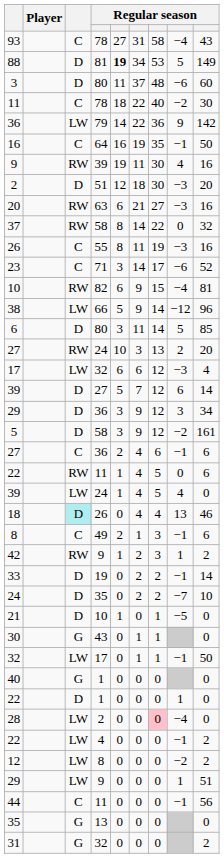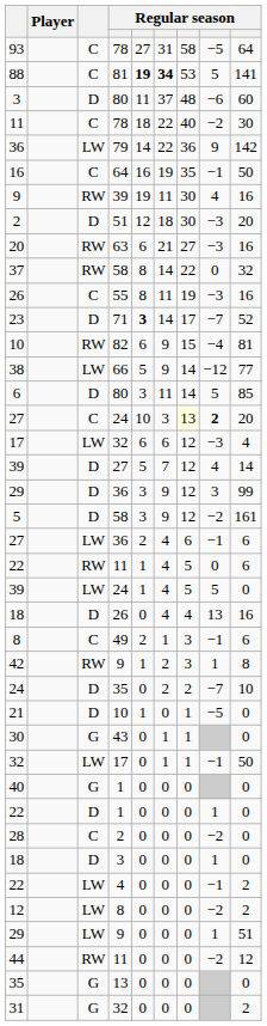 <table class="wikitable sortable plainrowheaders" style="text-align:center;">
 <tr>
 <th scope="col" data-sort-type="number" rowspan="2"></th>
 <th scope="col" rowspan="2">Player</th>
 <th scope="col" rowspan="2"></th>
 <th scope=colgroup colspan=6>Regular season</th>
 </tr>
 <tr>
 <th scope="col" data-sort-type="number"></th>
 <th scope="col" data-sort-type="number"></th>
 <th scope="col" data-sort-type="number"></th>
 <th scope="col" data-sort-type="number"></th>
 <th scope="col" data-sort-type="number"></th>
 <th scope="col" data-sort-type="number"></th>
 </tr>
 <tr>
 <td scope="row">93</td>
 <td align="left"></td>
 <td>C</td>
 <td>78</td>
 <td>27</td>
 <td>31</td>
 <td>58</td>
-<td>−4</td>
-<td>43</td>
+<td>−5</td>
+<td>64</td>
 </tr>
 <tr>
 <td scope="row">88</td>
 <td align="left"></td>
-<td>D</td>
+<td>C</td>
 <td>81</td>
 <td><strong>19</strong></td>
-<td>34</td>
+<td><strong>34</strong></td>
 <td>53</td>
 <td>5</td>
-<td>149</td>
+<td>141</td>
 </tr>
 <tr>
 <td scope="row">3</td>
 <td align="left"></td>
 <td>D</td>
 <td>80</td>
 <td>11</td>
 <td>37</td>
 <td>48</td>
 <td>−6</td>
 <td>60</td>
 </tr>
 <tr>
 <td scope="row">11</td>
 <td align="left"></td>
 <td>C</td>
 <td>78</td>
 <td>18</td>
 <td>22</td>
 <td>40</td>
 <td>−2</td>
 <td>30</td>
 </tr>
 <tr>
 <td scope="row">36</td>
 <td align="left"></td>
 <td>LW</td>
 <td>79</td>
 <td>14</td>
 <td>22</td>
 <td>36</td>
 <td>9</td>
 <td>142</td>
 </tr>
 <tr>
 <td scope="row">16</td>
 <td align="left"></td>
 <td>C</td>
 <td>64</td>
 <td>16</td>
 <td>19</td>
 <td>35</td>
 <td>−1</td>
 <td>50</td>
 </tr>
 <tr>
 <td scope="row">9</td>
 <td align="left"></td>
 <td>RW</td>
 <td>39</td>
 <td>19</td>
 <td>11</td>
 <td>30</td>
 <td>4</td>
 <td>16</td>
 </tr>
 <tr>
 <td scope="row">2</td>
 <td align="left"></td>
 <td>D</td>
 <td>51</td>
 <td>12</td>
 <td>18</td>
 <td>30</td>
 <td>−3</td>
 <td>20</td>
 </tr>
 <tr>
 <td scope="row">20</td>
 <td align="left"></td>
 <td>RW</td>
 <td>63</td>
 <td>6</td>
 <td>21</td>
 <td>27</td>
 <td>−3</td>
 <td>16</td>
 </tr>
 <tr>
 <td scope="row">37</td>
 <td align="left"></td>
 <td>RW</td>
 <td>58</td>
 <td>8</td>
 <td>14</td>
 <td>22</td>
 <td>0</td>
 <td>32</td>
 </tr>
 <tr>
 <td scope="row">26</td>
 <td align="left"></td>
 <td>C</td>
 <td>55</td>
 <td>8</td>
 <td>11</td>
 <td>19</td>
 <td>−3</td>
 <td>16</td>
 </tr>
 <tr>
 <td scope="row">23</td>
 <td align="left"></td>
-<td>C</td>
+<td>D</td>
 <td>71</td>
-<td>3</td>
+<td><strong>3</strong></td>
 <td>14</td>
 <td>17</td>
-<td>−6</td>
+<td>−7</td>
 <td>52</td>
 </tr>
 <tr>
 <td scope="row">10</td>
 <td align="left"></td>
 <td>RW</td>
 <td>82</td>
 <td>6</td>
 <td>9</td>
 <td>15</td>
 <td>−4</td>
 <td>81</td>
 </tr>
 <tr>
 <td scope="row">38</td>
 <td align="left"></td>
 <td>LW</td>
 <td>66</td>
 <td>5</td>
 <td>9</td>
 <td>14</td>
 <td>−12</td>
-<td>96</td>
+<td>77</td>
 </tr>
 <tr>
 <td scope="row">6</td>
 <td align="left"></td>
 <td>D</td>
 <td>80</td>
 <td>3</td>
 <td>11</td>
 <td>14</td>
 <td>5</td>
 <td>85</td>
 </tr>
 <tr>
 <td scope="row">27</td>
 <td align="left"></td>
-<td>RW</td>
+<td>C</td>
 <td>24</td>
 <td>10</td>
 <td>3</td>
-<td>13</td>
-<td>2</td>
+<td style="background: lightyellow;">13</td>
+<td><strong>2</strong></td>
 <td>20</td>
 </tr>
 <tr>
 <td scope="row">17</td>
 <td align="left"></td>
 <td>LW</td>
 <td>32</td>
 <td>6</td>
 <td>6</td>
 <td>12</td>
 <td>−3</td>
 <td>4</td>
 </tr>
 <tr>
 <td scope="row">39</td>
 <td align="left"></td>
 <td>D</td>
 <td>27</td>
 <td>5</td>
 <td>7</td>
 <td>12</td>
-<td>6</td>
+<td>4</td>
 <td>14</td>
 </tr>
 <tr>
 <td scope="row">29</td>
 <td align="left"></td>
 <td>D</td>
 <td>36</td>
 <td>3</td>
 <td>9</td>
 <td>12</td>
 <td>3</td>
-<td>34</td>
+<td>99</td>
 </tr>
 <tr>
 <td scope="row">5</td>
 <td align="left"></td>
 <td>D</td>
 <td>58</td>
 <td>3</td>
 <td>9</td>
 <td>12</td>
 <td>−2</td>
 <td>161</td>
 </tr>
 <tr>
 <td scope="row">27</td>
 <td align="left"></td>
-<td>C</td>
+<td>LW</td>
 <td>36</td>
 <td>2</td>
 <td>4</td>
 <td>6</td>
 <td>−1</td>
 <td>6</td>
 </tr>
 <tr>
 <td scope="row">22</td>
 <td align="left"></td>
 <td>RW</td>
 <td>11</td>
 <td>1</td>
 <td>4</td>
 <td>5</td>
 <td>0</td>
 <td>6</td>
 </tr>
 <tr>
 <td scope="row">39</td>
 <td align="left"></td>
 <td>LW</td>
 <td>24</td>
 <td>1</td>
 <td>4</td>
 <td>5</td>
-<td>4</td>
+<td>5</td>
 <td>0</td>
 </tr>
 <tr>
 <td scope="row">18</td>
 <td align="left"></td>
-<td style="background: paleturquoise;">D</td>
+<td>D</td>
 <td>26</td>
 <td>0</td>
 <td>4</td>
 <td>4</td>
 <td>13</td>
-<td>46</td>
+<td>16</td>
 </tr>
 <tr>
 <td scope="row">8</td>
 <td align="left"></td>
 <td>C</td>
 <td>49</td>
 <td>2</td>
 <td>1</td>
 <td>3</td>
 <td>−1</td>
 <td>6</td>
 </tr>
 <tr>
 <td scope="row">42</td>
 <td align="left"></td>
 <td>RW</td>
 <td>9</td>
 <td>1</td>
 <td>2</td>
 <td>3</td>
 <td>1</td>
-<td>2</td>
-</tr>
-<tr>
-<td scope="row">33</td>
-<td align="left"></td>
-<td>D</td>
-<td>19</td>
-<td>0</td>
-<td>2</td>
-<td>2</td>
-<td>−1</td>
-<td>14</td>
+<td>8</td>
 </tr>
 <tr>
 <td scope="row">24</td>
 <td align="left"></td>
 <td>D</td>
 <td>35</td>
 <td>0</td>
 <td>2</td>
 <td>2</td>
 <td>−7</td>
 <td>10</td>
 </tr>
 <tr>
 <td scope="row">21</td>
 <td align="left"></td>
 <td>D</td>
 <td>10</td>
 <td>1</td>
 <td>0</td>
 <td>1</td>
 <td>−5</td>
 <td>0</td>
 </tr>
 <tr>
 <td scope="row">30</td>
 <td align="left"></td>
 <td>G</td>
 <td>43</td>
 <td>0</td>
 <td>1</td>
 <td>1</td>
 <td style="background:#ccc"></td>
 <td>0</td>
 </tr>
 <tr>
 <td scope="row">32</td>
 <td align="left"></td>
 <td>LW</td>
 <td>17</td>
 <td>0</td>
 <td>1</td>
 <td>1</td>
 <td>−1</td>
 <td>50</td>
 </tr>
 <tr>
 <td scope="row">40</td>
 <td align="left"></td>
 <td>G</td>
 <td>1</td>
 <td>0</td>
 <td>0</td>
 <td>0</td>
 <td style="background:#ccc"></td>
 <td>0</td>
 </tr>
 <tr>
 <td scope="row">22</td>
 <td align="left"></td>
 <td>D</td>
 <td>1</td>
 <td>0</td>
 <td>0</td>
 <td>0</td>
 <td>1</td>
 <td>0</td>
 </tr>
 <tr>
 <td scope="row">28</td>
 <td align="left"></td>
-<td>LW</td>
+<td>C</td>
 <td>2</td>
 <td>0</td>
 <td>0</td>
-<td style="background: pink;">0</td>
-<td>−4</td>
+<td>0</td>
+<td>−2</td>
+<td>0</td>
+</tr>
+<tr>
+<td scope="row">18</td>
+<td align="left"></td>
+<td>D</td>
+<td>3</td>
+<td>0</td>
+<td>0</td>
+<td>0</td>
+<td>1</td>
 <td>0</td>
 </tr>
 <tr>
 <td scope="row">22</td>
 <td align="left"></td>
 <td>LW</td>
 <td>4</td>
 <td>0</td>
 <td>0</td>
 <td>0</td>
 <td>−1</td>
 <td>2</td>
 </tr>
 <tr>
 <td scope="row">12</td>
 <td align="left"></td>
 <td>LW</td>
 <td>8</td>
 <td>0</td>
 <td>0</td>
 <td>0</td>
 <td>−2</td>
 <td>2</td>
 </tr>
 <tr>
 <td scope="row">29</td>
 <td align="left"></td>
 <td>LW</td>
 <td>9</td>
 <td>0</td>
 <td>0</td>
 <td>0</td>
 <td>1</td>
 <td>51</td>
 </tr>
 <tr>
 <td scope="row">44</td>
 <td align="left"></td>
-<td>C</td>
+<td>RW</td>
 <td>11</td>
 <td>0</td>
 <td>0</td>
 <td>0</td>
-<td>−1</td>
-<td>56</td>
+<td>−2</td>
+<td>12</td>
 </tr>
 <tr>
 <td scope="row">35</td>
 <td align="left"></td>
 <td>G</td>
 <td>13</td>
 <td>0</td>
 <td>0</td>
 <td>0</td>
 <td style="background:#ccc"></td>
 <td>0</td>
 </tr>
 <tr>
 <td scope="row">31</td>
 <td align="left"></td>
 <td>G</td>
 <td>32</td>
 <td>0</td>
 <td>0</td>
 <td>0</td>
 <td style="background:#ccc"></td>
 <td>2</td>
 </tr>
 </table>
